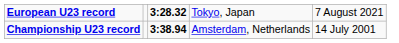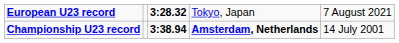 <table class="wikitable">
 <tr>
 <td><strong><a href='#'>European U23 record</a></strong></td>
 <td></td>
 <td><strong>3:28.32</strong></td>
 <td><a href='#'>Tokyo</a>, Japan</td>
 <td>7 August 2021</td>
 </tr>
 <tr>
 <td><strong><a href='#'>Championship U23 record</a></strong></td>
 <td></td>
 <td><strong>3:38.94</strong></td>
-<td><a href='#'>Amsterdam</a>, Netherlands</td>
+<td><strong><a href='#'>Amsterdam</a>, Netherlands</strong></td>
 <td>14 July 2001</td>
 </tr>
 </table>
